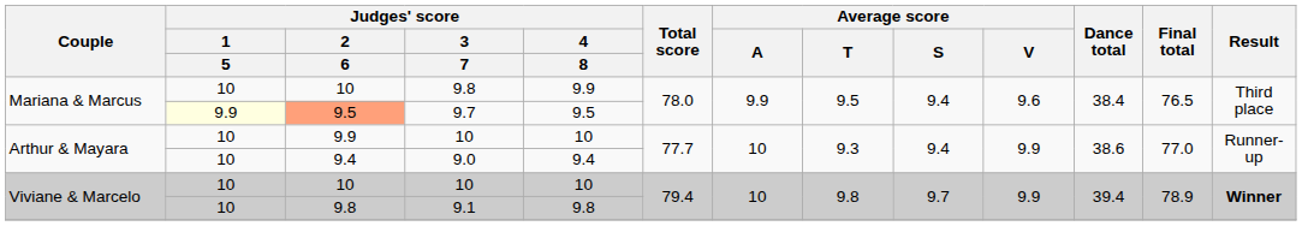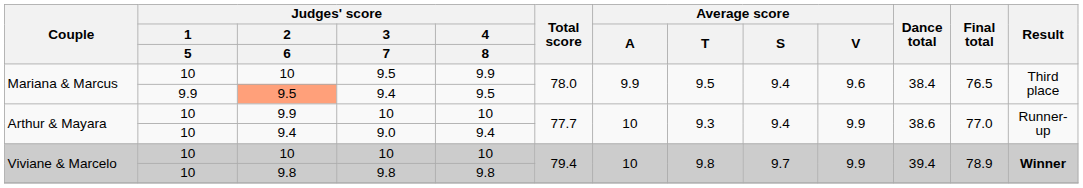 <table class="wikitable" style="font-size:100%; line-height:16px; text-align:center" width="100%">
 <tr>
 <th rowspan=3 width=150>Couple</th>
 <th colspan=4 width=200>Judges' score</th>
 <th rowspan=3 width=060>Total score</th>
 <th colspan=4 width=150>Average score</th>
 <th rowspan=3 width=060>Dance total</th>
 <th rowspan=3 width=060>Final total</th>
 <th rowspan=3 width=075>Result</th>
 </tr>
 <tr>
 <th>1</th>
 <th>2</th>
 <th>3</th>
 <th>4</th>
 <th rowspan=2>A</th>
 <th rowspan=2>T</th>
 <th rowspan=2>S</th>
 <th rowspan=2>V</th>
 </tr>
 <tr>
 <th>5</th>
 <th>6</th>
 <th>7</th>
 <th>8</th>
 </tr>
 <tr>
 <td align="left" rowspan=2>Mariana & Marcus</td>
 <td>10</td>
 <td>10</td>
-<td>9.8</td>
+<td>9.5</td>
 <td>9.9</td>
 <td rowspan=2>78.0</td>
 <td rowspan=2>9.9</td>
 <td rowspan=2>9.5</td>
 <td rowspan=2>9.4</td>
 <td rowspan=2>9.6</td>
 <td rowspan=2>38.4</td>
 <td rowspan=2>76.5</td>
 <td rowspan=2>Third place</td>
 </tr>
 <tr>
-<td style="background: lightyellow;">9.9</td>
+<td>9.9</td>
 <td style="background: lightsalmon;">9.5</td>
-<td>9.7</td>
+<td>9.4</td>
 <td>9.5</td>
 </tr>
 <tr>
 <td align="left" rowspan=2>Arthur & Mayara</td>
 <td>10</td>
 <td>9.9</td>
 <td>10</td>
 <td>10</td>
 <td rowspan=2>77.7</td>
 <td rowspan=2>10</td>
 <td rowspan=2>9.3</td>
 <td rowspan=2>9.4</td>
 <td rowspan=2>9.9</td>
 <td rowspan=2>38.6</td>
 <td rowspan=2>77.0</td>
 <td rowspan=2>Runner-up</td>
 </tr>
 <tr>
 <td>10</td>
 <td>9.4</td>
 <td>9.0</td>
 <td>9.4</td>
 </tr>
 <tr bgcolor="CCCCCC">
 <td align="left" rowspan=2>Viviane & Marcelo</td>
 <td>10</td>
 <td>10</td>
 <td>10</td>
 <td>10</td>
 <td rowspan=2>79.4</td>
 <td rowspan=2>10</td>
 <td rowspan=2>9.8</td>
 <td rowspan=2>9.7</td>
 <td rowspan=2>9.9</td>
 <td rowspan=2>39.4</td>
 <td rowspan=2>78.9</td>
 <td rowspan=2><strong>Winner</strong></td>
 </tr>
 <tr bgcolor="CCCCCC">
 <td>10</td>
 <td>9.8</td>
-<td>9.1</td>
+<td>9.8</td>
 <td>9.8</td>
 </tr>
 <tr>
 </tr>
 </table>
